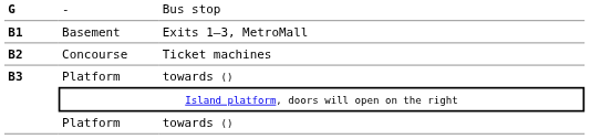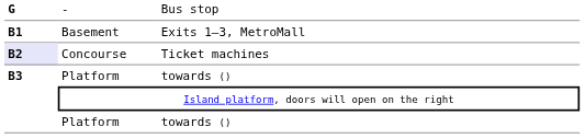 <table table border=0 cellspacing=0 cellpadding=4>
 <tr>
 <td style = "border-bottom:solid 1px gray;" rowspan=1 valign=top><strong>G</strong></td>
 <td style = "border-bottom:solid 1px gray;" valign=top>-</td>
 <td style = "border-bottom:solid 1px gray;" valign=top>Bus stop</td>
 </tr>
 <tr>
 <td style = "border-bottom:solid 1px gray;" rowspan=1 valign=top><strong>B1</strong></td>
 <td style = "border-bottom:solid 1px gray;" valign=top>Basement</td>
 <td style = "border-bottom:solid 1px gray;" valign=top>Exits 1–3, MetroMall</td>
 </tr>
 <tr>
-<td style = "border-bottom:solid 1px gray;" rowspan=1 valign=top><strong>B2</strong></td>
+<td style = "background: lavender; border-bottom:solid 1px gray;" rowspan=1 valign=top><strong>B2</strong></td>
 <td style = "border-bottom:solid 1px gray;" valign=top>Concourse</td>
 <td style = "border-bottom:solid 1px gray;" valign=top>Ticket machines</td>
 </tr>
 <tr>
 <td style="border-bottom:solid 1px gray;" rowspan=3 valign=top width=50><strong>B3</strong></td>
 <td width=100>Platform </td>
 <td width=450> towards  <small>()</small></td>
 </tr>
 <tr>
 <td style = "border-top:solid 2px black;border-right:solid 2px black;border-left:solid 2px black;border-bottom:solid 2px black; text-align:center;" colspan=2><small><a href='#'>Island platform</a>, doors will open on the right</small></td>
 </tr>
 <tr>
 <td style="border-bottom:solid 1px gray;" width=100>Platform </td>
 <td style="border-bottom:solid 1px gray;" width=450> towards  <small>()</small></td>
 </tr>
 </table>
